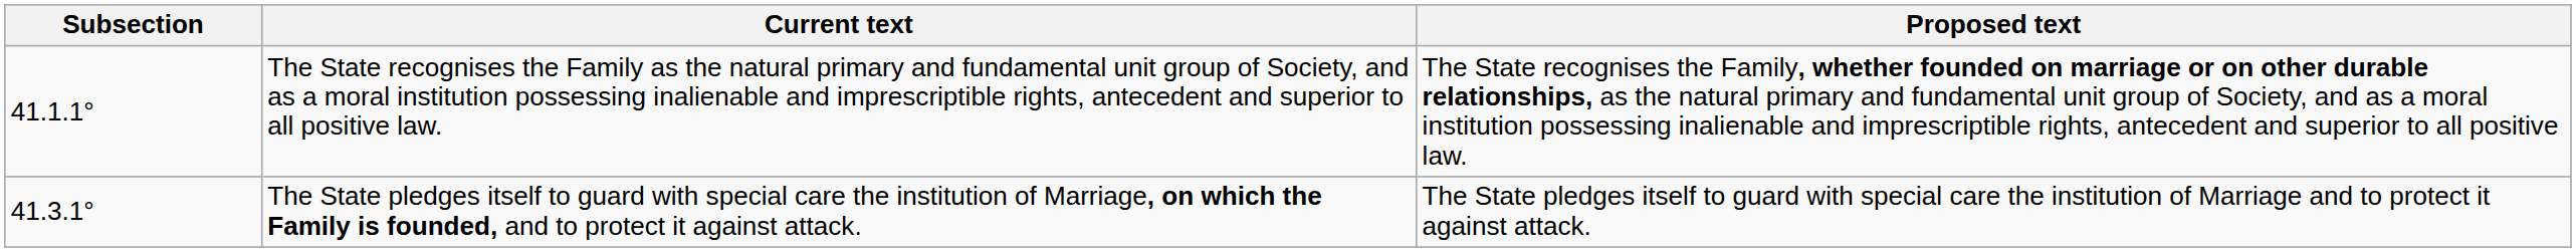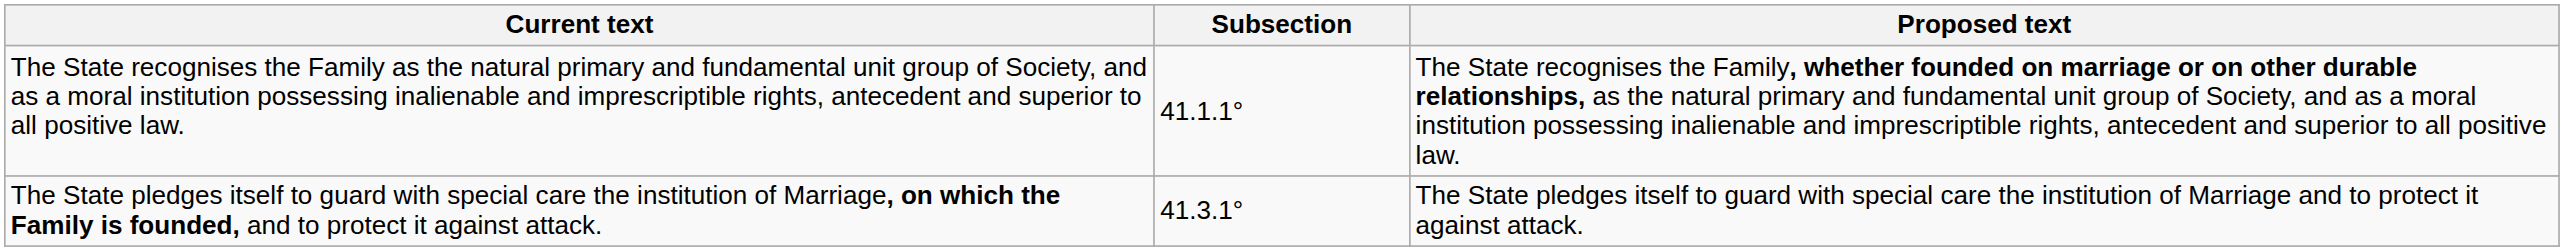 <table class=wikitable>
 <tr>
+<th width=45%>Current text</th>
 <th width=10%>Subsection</th>
-<th width=45%>Current text</th>
 <th width=45%>Proposed text</th>
 </tr>
 <tr>
+<td style="vertical-align:top">The State recognises the Family as the natural primary and fundamental unit group of Society, and as a moral institution possessing inalienable and imprescriptible rights, antecedent and superior to all positive law.</td>
 <td>41.1.1°</td>
-<td style="vertical-align:top">The State recognises the Family as the natural primary and fundamental unit group of Society, and as a moral institution possessing inalienable and imprescriptible rights, antecedent and superior to all positive law.</td>
 <td style="vertical-align:top">The State recognises the Family<strong>, whether founded on marriage or on other durable relationships,</strong> as the natural primary and fundamental unit group of Society, and as a moral institution possessing inalienable and imprescriptible rights, antecedent and superior to all positive law.</td>
 </tr>
 <tr>
+<td style="vertical-align:top">The State pledges itself to guard with special care the institution of Marriage<strong>, on which the Family is founded,</strong> and to protect it against attack.</td>
 <td>41.3.1°</td>
-<td style="vertical-align:top">The State pledges itself to guard with special care the institution of Marriage<strong>, on which the Family is founded,</strong> and to protect it against attack.</td>
 <td style="vertical-align:top">The State pledges itself to guard with special care the institution of Marriage and to protect it against attack.</td>
 </tr>
 </table>
